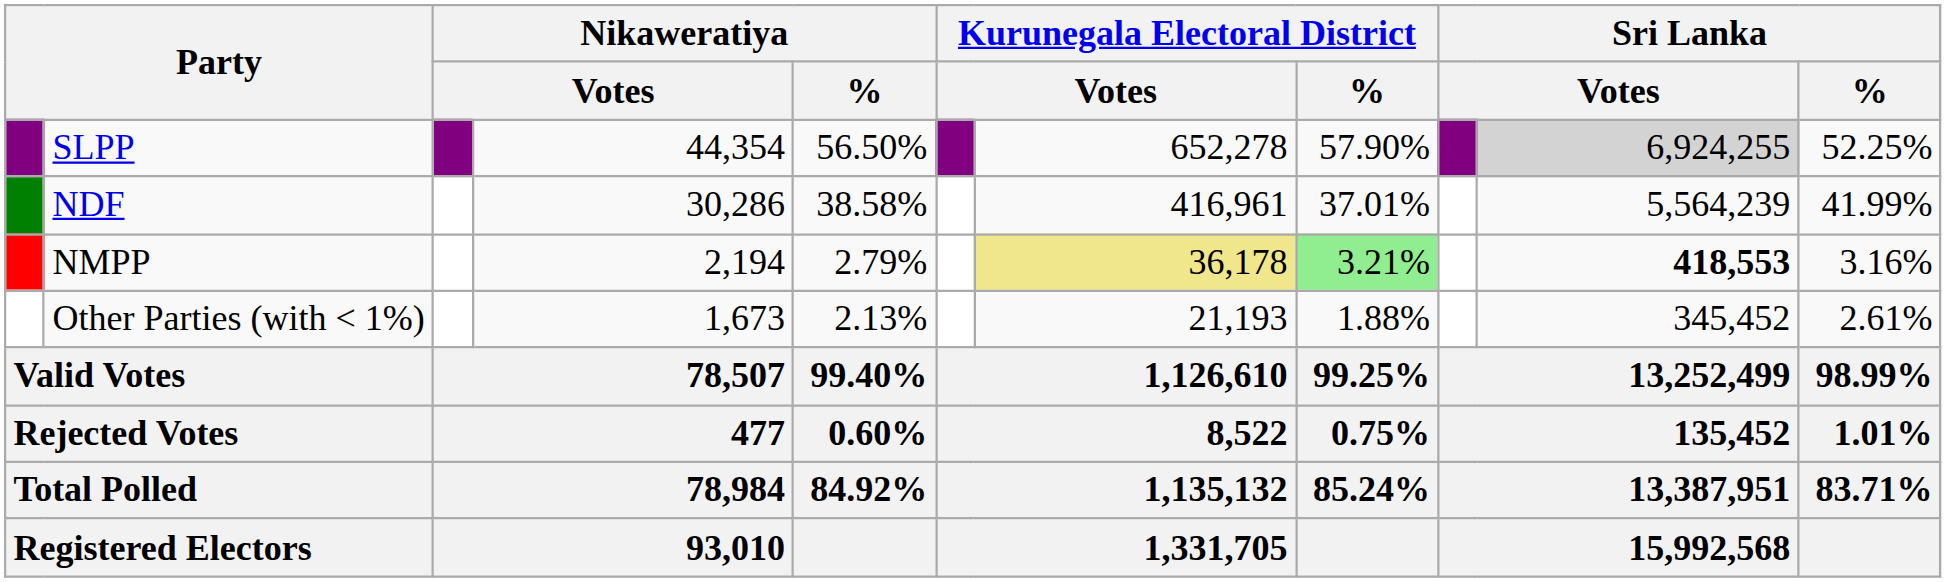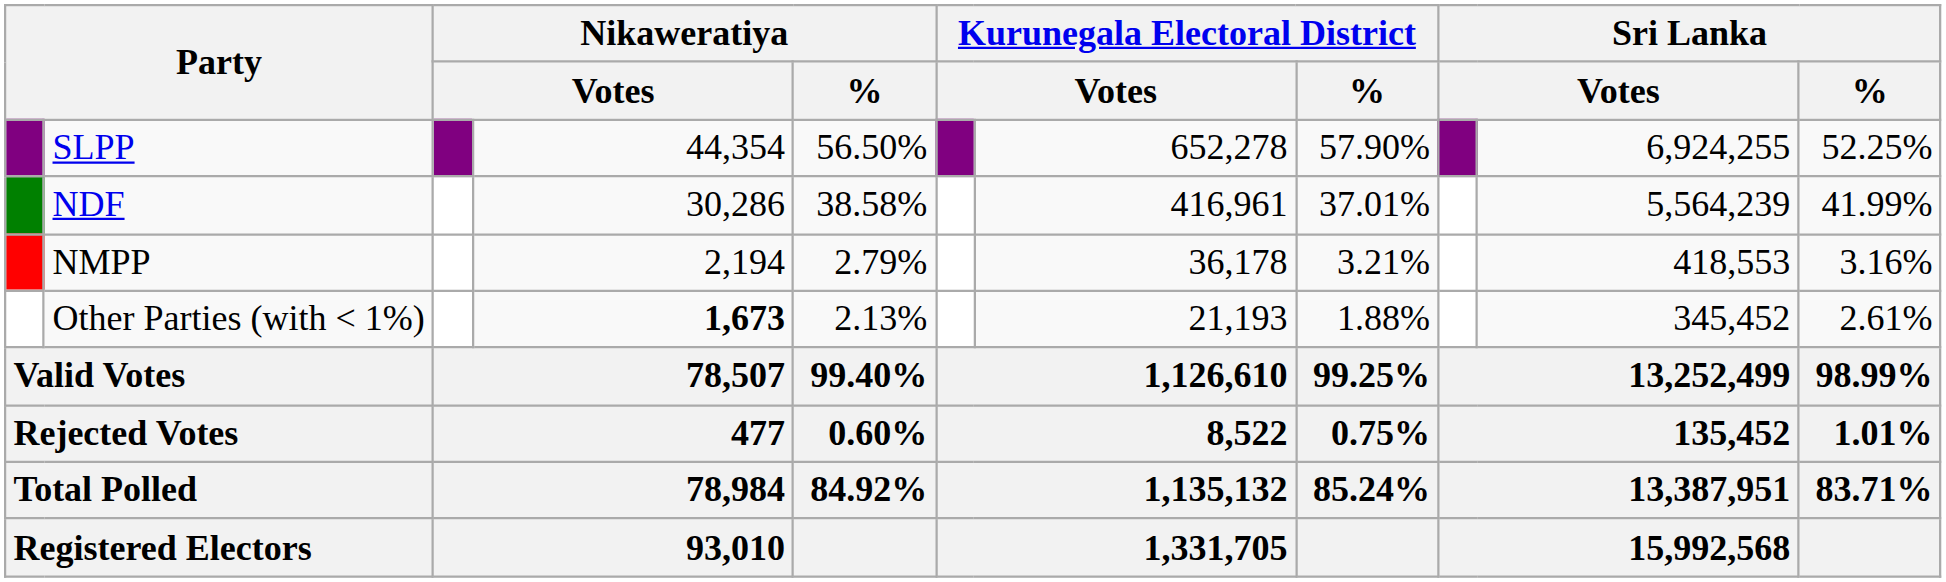 <table class="wikitable">
 <tr>
 <th colspan="2" width="144px"rowspan="2">Party</th>
 <th colspan="3" width="216px">Nikaweratiya</th>
 <th colspan="3" width="216px"><a href='#'>Kurunegala Electoral District</a></th>
 <th colspan="3" width="216px">Sri Lanka</th>
 </tr>
 <tr>
 <th colspan="2" width="144px">Votes</th>
 <th>%</th>
 <th colspan="2" width="144px">Votes</th>
 <th>%</th>
 <th colspan="2" width="144px">Votes</th>
 <th>%</th>
 </tr>
 <tr>
 <td style="background-color:purple;" width="10px"></td>
 <td style="text-align:left;"><a href='#'>SLPP</a></td>
 <td style="background-color:purple;" width="10px"></td>
 <td style="text-align:right;">44,354</td>
 <td style="text-align:right;">56.50%</td>
 <td style="background-color:purple;" width="10px"></td>
 <td style="text-align:right;">652,278</td>
 <td style="text-align:right;">57.90%</td>
 <td style="background-color:purple;" width="10px"></td>
-<td style="background: lightgrey; text-align:right;">6,924,255</td>
+<td style="text-align:right;">6,924,255</td>
 <td style="text-align:right;">52.25%</td>
 </tr>
 <tr>
 <td style="background-color:green;" width="10px"></td>
 <td style="text-align:left;"><a href='#'>NDF</a></td>
 <td style="background-color:white;" width="10px"></td>
 <td style="text-align:right;">30,286</td>
 <td style="text-align:right;">38.58%</td>
 <td style="background-color:white;" width="10px"></td>
 <td style="text-align:right;">416,961</td>
 <td style="text-align:right;">37.01%</td>
 <td style="background-color:white;" width="10px"></td>
 <td style="text-align:right;">5,564,239</td>
 <td style="text-align:right;">41.99%</td>
 </tr>
 <tr>
 <td style="background-color:red;" width="10px"></td>
 <td style="text-align:left;">NMPP</td>
 <td style="background-color:white;" width="10px"></td>
 <td style="text-align:right;">2,194</td>
 <td style="text-align:right;">2.79%</td>
 <td style="background-color:white;" width="10px"></td>
-<td style="background: khaki; text-align:right;">36,178</td>
-<td style="background: lightgreen; text-align:right;">3.21%</td>
+<td style="text-align:right;">36,178</td>
+<td style="text-align:right;">3.21%</td>
 <td style="background-color:white;" width="10px"></td>
-<td style="text-align:right;"><strong>418,553</strong></td>
+<td style="text-align:right;">418,553</td>
 <td style="text-align:right;">3.16%</td>
 </tr>
 <tr>
 <td style="background-color:white;" width="10px"></td>
 <td style="text-align:left;">Other Parties (with < 1%)</td>
 <td style="background-color:white;" width="10px"></td>
-<td style="text-align:right;">1,673</td>
+<td style="text-align:right;"><strong>1,673</strong></td>
 <td style="text-align:right;">2.13%</td>
 <td style="background-color:white;" width="10px"></td>
 <td style="text-align:right;">21,193</td>
 <td style="text-align:right;">1.88%</td>
 <td style="background-color:white;" width="10px"></td>
 <td style="text-align:right;">345,452</td>
 <td style="text-align:right;">2.61%</td>
 </tr>
 <tr>
 <th colspan="2" width="144px"style="text-align:left;">Valid Votes</th>
 <th style="text-align:right;"colspan="2" width="144px">78,507</th>
 <th style="text-align:right;">99.40%</th>
 <th style="text-align:right;"colspan="2" width="144px">1,126,610</th>
 <th style="text-align:right;">99.25%</th>
 <th style="text-align:right;"colspan="2" width="144px">13,252,499</th>
 <th style="text-align:right;">98.99%</th>
 </tr>
 <tr>
 <th colspan="2" width="144px"style="text-align:left;">Rejected Votes</th>
 <th style="text-align:right;"colspan="2" width="144px">477</th>
 <th style="text-align:right;">0.60%</th>
 <th style="text-align:right;"colspan="2" width="144px">8,522</th>
 <th style="text-align:right;">0.75%</th>
 <th style="text-align:right;"colspan="2" width="144px">135,452</th>
 <th style="text-align:right;">1.01%</th>
 </tr>
 <tr>
 <th colspan="2" width="144px"style="text-align:left;">Total Polled</th>
 <th style="text-align:right;"colspan="2" width="144px">78,984</th>
 <th style="text-align:right;">84.92%</th>
 <th style="text-align:right;"colspan="2" width="144px">1,135,132</th>
 <th style="text-align:right;">85.24%</th>
 <th style="text-align:right;"colspan="2" width="144px">13,387,951</th>
 <th style="text-align:right;">83.71%</th>
 </tr>
 <tr>
 <th colspan="2" width="144px"style="text-align:left;">Registered Electors</th>
 <th style="text-align:right;"colspan="2" width="144px">93,010</th>
 <th></th>
 <th style="text-align:right;"colspan="2" width="144px">1,331,705</th>
 <th></th>
 <th style="text-align:right;"colspan="2" width="144px">15,992,568</th>
 <th></th>
 </tr>
 </table>
